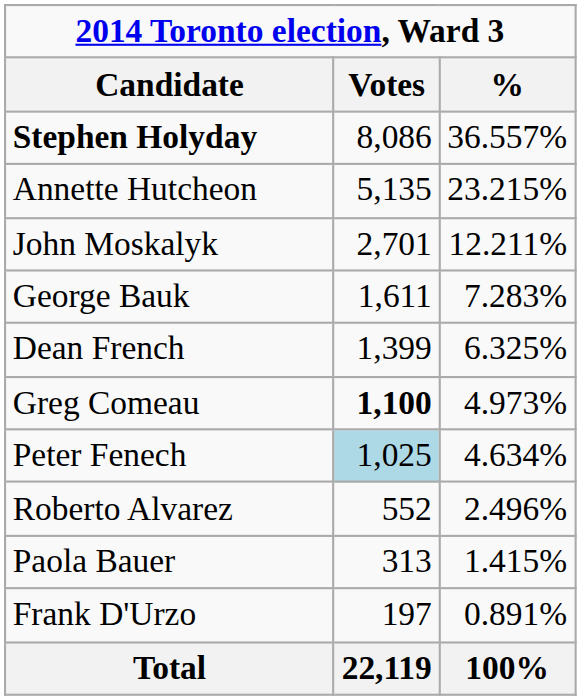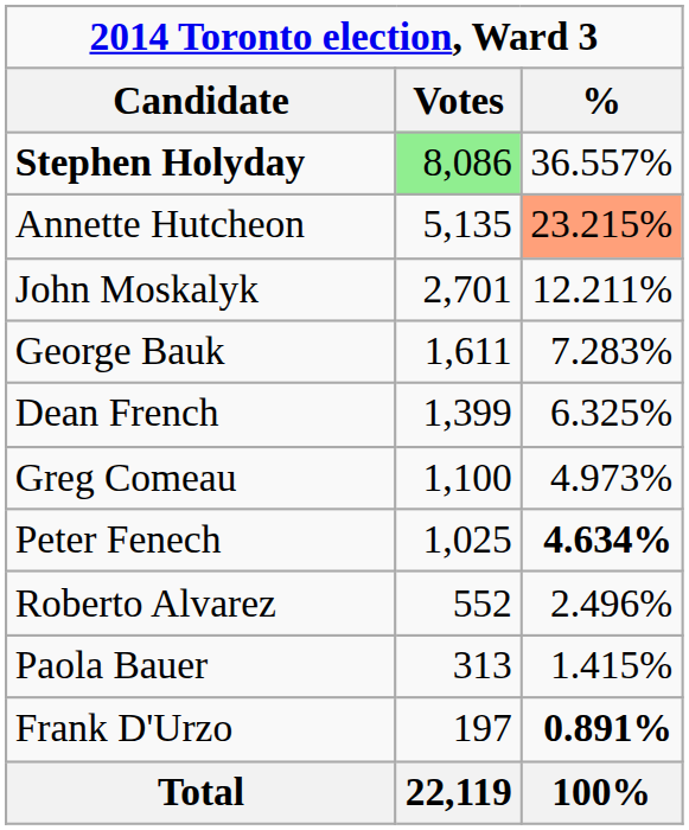 <table class="wikitable">
 <tr>
 <td Colspan="3" align="center"><strong><a href='#'>2014 Toronto election</a>, Ward 3</strong></td>
 </tr>
 <tr>
 <th bgcolor="#DDDDFF" width="150px">Candidate</th>
 <th bgcolor="#DDDDFF">Votes</th>
 <th bgcolor="#DDDDFF">%</th>
 </tr>
 <tr>
 <td><strong>Stephen Holyday</strong></td>
-<td align=right>8,086</td>
+<td align=right style="background: lightgreen;">8,086</td>
 <td align=right>36.557%</td>
 </tr>
 <tr>
 <td>Annette Hutcheon</td>
 <td align=right>5,135</td>
-<td align=right>23.215%</td>
+<td align=right style="background: lightsalmon;">23.215%</td>
 </tr>
 <tr>
 <td>John Moskalyk</td>
 <td align=right>2,701</td>
 <td align=right>12.211%</td>
 </tr>
 <tr>
 <td>George Bauk</td>
 <td align=right>1,611</td>
 <td align=right>7.283%</td>
 </tr>
 <tr>
 <td>Dean French</td>
 <td align=right>1,399</td>
 <td align=right>6.325%</td>
 </tr>
 <tr>
 <td>Greg Comeau</td>
-<td align=right><strong>1,100</strong></td>
+<td align=right>1,100</td>
 <td align=right>4.973%</td>
 </tr>
 <tr>
 <td>Peter Fenech</td>
-<td align=right style="background: lightblue;">1,025</td>
-<td align=right>4.634%</td>
+<td align=right>1,025</td>
+<td align=right><strong>4.634%</strong></td>
 </tr>
 <tr>
 <td>Roberto Alvarez</td>
 <td align=right>552</td>
 <td align=right>2.496%</td>
 </tr>
 <tr>
 <td>Paola Bauer</td>
 <td align=right>313</td>
 <td align=right>1.415%</td>
 </tr>
 <tr>
 <td>Frank D'Urzo</td>
 <td align=right>197</td>
-<td align=right>0.891%</td>
+<td align=right><strong>0.891%</strong></td>
 </tr>
 <tr>
 <th>Total</th>
 <th align=right>22,119</th>
 <th align=right>100%</th>
 </tr>
 </table>
